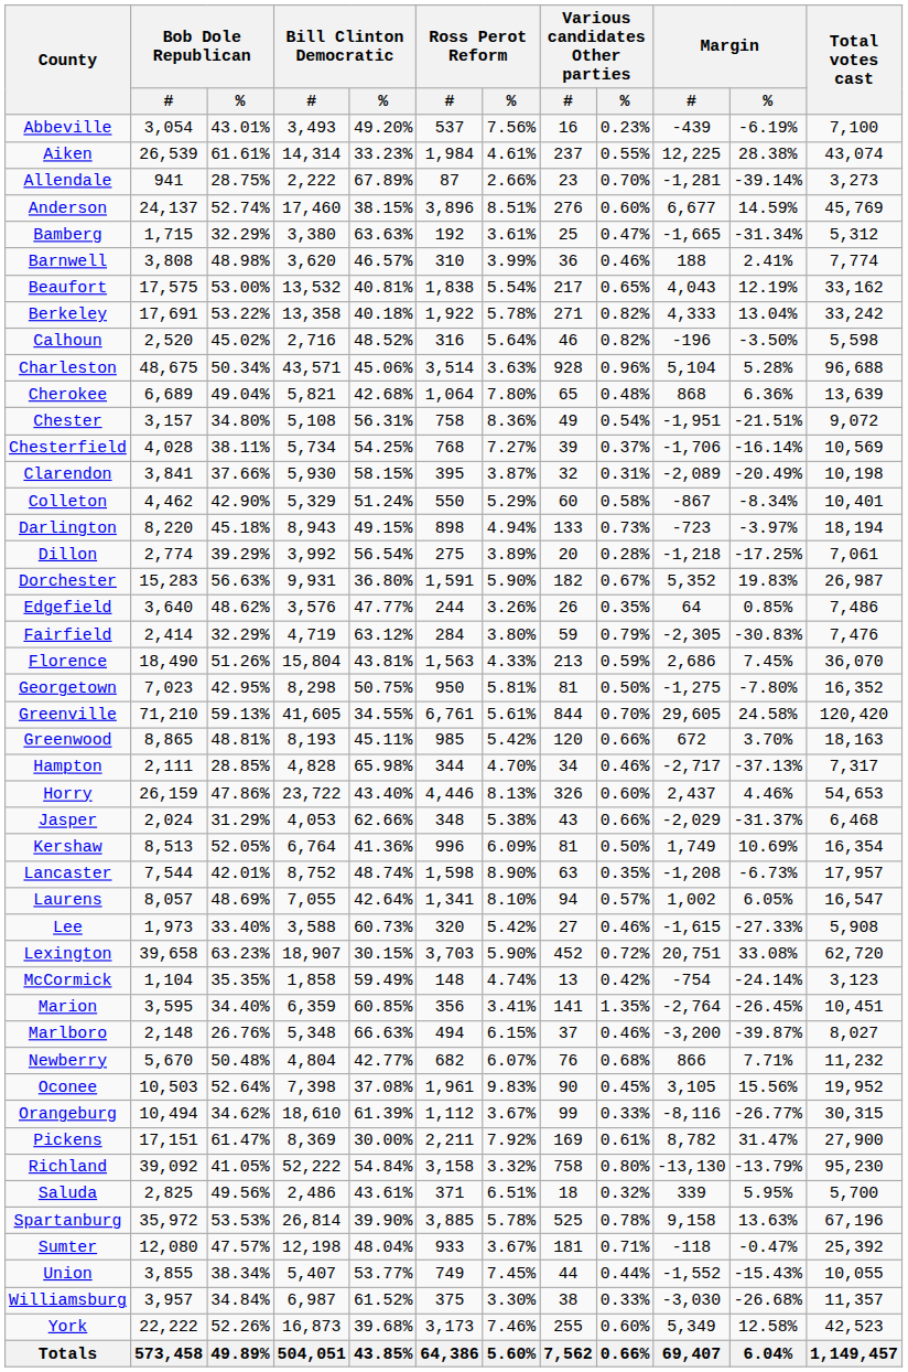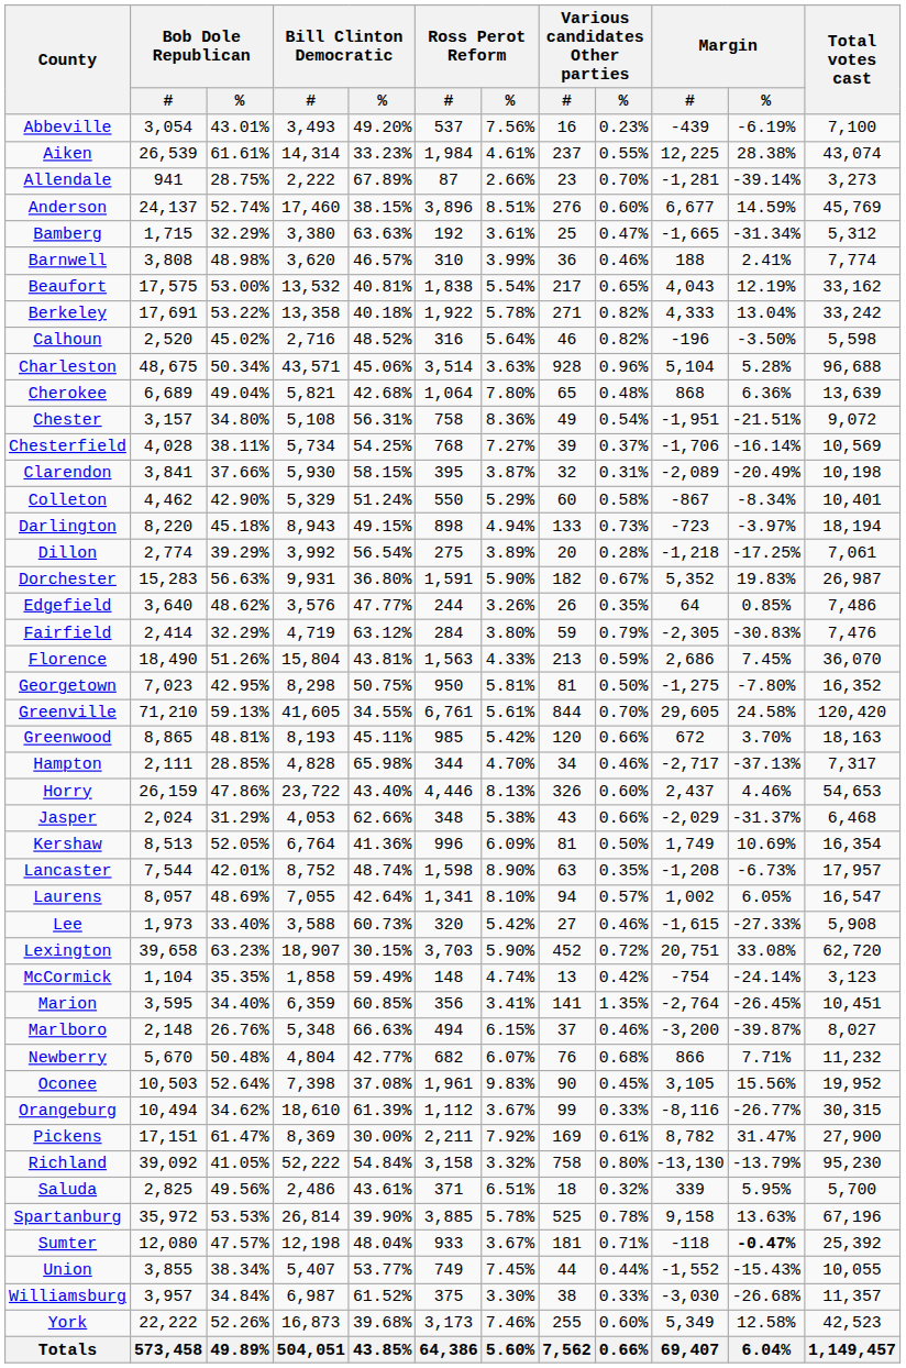 <table width="60%" class="wikitable sortable">
 <tr>
 <th rowspan="2">County</th>
 <th colspan="2">Bob Dole<br>Republican</th>
 <th colspan="2">Bill Clinton<br>Democratic</th>
 <th colspan="2">Ross Perot<br>Reform</th>
 <th colspan="2">Various candidates<br>Other parties</th>
 <th colspan="2">Margin</th>
 <th rowspan="2">Total votes cast</th>
 </tr>
 <tr>
 <th style="text-align:center;" data-sort-type="number">#</th>
 <th style="text-align:center;" data-sort-type="number">%</th>
 <th style="text-align:center;" data-sort-type="number">#</th>
 <th style="text-align:center;" data-sort-type="number">%</th>
 <th style="text-align:center;" data-sort-type="number">#</th>
 <th style="text-align:center;" data-sort-type="number">%</th>
 <th style="text-align:center;" data-sort-type="number">#</th>
 <th style="text-align:center;" data-sort-type="number">%</th>
 <th style="text-align:center;" data-sort-type="number">#</th>
 <th style="text-align:center;" data-sort-type="number">%</th>
 </tr>
 <tr style="text-align:center;">
 <td><a href='#'>Abbeville</a></td>
 <td>3,054</td>
 <td>43.01%</td>
 <td>3,493</td>
 <td>49.20%</td>
 <td>537</td>
 <td>7.56%</td>
 <td>16</td>
 <td>0.23%</td>
 <td>-439</td>
 <td>-6.19%</td>
 <td>7,100</td>
 </tr>
 <tr style="text-align:center;">
 <td><a href='#'>Aiken</a></td>
 <td>26,539</td>
 <td>61.61%</td>
 <td>14,314</td>
 <td>33.23%</td>
 <td>1,984</td>
 <td>4.61%</td>
 <td>237</td>
 <td>0.55%</td>
 <td>12,225</td>
 <td>28.38%</td>
 <td>43,074</td>
 </tr>
 <tr style="text-align:center;">
 <td><a href='#'>Allendale</a></td>
 <td>941</td>
 <td>28.75%</td>
 <td>2,222</td>
 <td>67.89%</td>
 <td>87</td>
 <td>2.66%</td>
 <td>23</td>
 <td>0.70%</td>
 <td>-1,281</td>
 <td>-39.14%</td>
 <td>3,273</td>
 </tr>
 <tr style="text-align:center;">
 <td><a href='#'>Anderson</a></td>
 <td>24,137</td>
 <td>52.74%</td>
 <td>17,460</td>
 <td>38.15%</td>
 <td>3,896</td>
 <td>8.51%</td>
 <td>276</td>
 <td>0.60%</td>
 <td>6,677</td>
 <td>14.59%</td>
 <td>45,769</td>
 </tr>
 <tr style="text-align:center;">
 <td><a href='#'>Bamberg</a></td>
 <td>1,715</td>
 <td>32.29%</td>
 <td>3,380</td>
 <td>63.63%</td>
 <td>192</td>
 <td>3.61%</td>
 <td>25</td>
 <td>0.47%</td>
 <td>-1,665</td>
 <td>-31.34%</td>
 <td>5,312</td>
 </tr>
 <tr style="text-align:center;">
 <td><a href='#'>Barnwell</a></td>
 <td>3,808</td>
 <td>48.98%</td>
 <td>3,620</td>
 <td>46.57%</td>
 <td>310</td>
 <td>3.99%</td>
 <td>36</td>
 <td>0.46%</td>
 <td>188</td>
 <td>2.41%</td>
 <td>7,774</td>
 </tr>
 <tr style="text-align:center;">
 <td><a href='#'>Beaufort</a></td>
 <td>17,575</td>
 <td>53.00%</td>
 <td>13,532</td>
 <td>40.81%</td>
 <td>1,838</td>
 <td>5.54%</td>
 <td>217</td>
 <td>0.65%</td>
 <td>4,043</td>
 <td>12.19%</td>
 <td>33,162</td>
 </tr>
 <tr style="text-align:center;">
 <td><a href='#'>Berkeley</a></td>
 <td>17,691</td>
 <td>53.22%</td>
 <td>13,358</td>
 <td>40.18%</td>
 <td>1,922</td>
 <td>5.78%</td>
 <td>271</td>
 <td>0.82%</td>
 <td>4,333</td>
 <td>13.04%</td>
 <td>33,242</td>
 </tr>
 <tr style="text-align:center;">
 <td><a href='#'>Calhoun</a></td>
 <td>2,520</td>
 <td>45.02%</td>
 <td>2,716</td>
 <td>48.52%</td>
 <td>316</td>
 <td>5.64%</td>
 <td>46</td>
 <td>0.82%</td>
 <td>-196</td>
 <td>-3.50%</td>
 <td>5,598</td>
 </tr>
 <tr style="text-align:center;">
 <td><a href='#'>Charleston</a></td>
 <td>48,675</td>
 <td>50.34%</td>
 <td>43,571</td>
 <td>45.06%</td>
 <td>3,514</td>
 <td>3.63%</td>
 <td>928</td>
 <td>0.96%</td>
 <td>5,104</td>
 <td>5.28%</td>
 <td>96,688</td>
 </tr>
 <tr style="text-align:center;">
 <td><a href='#'>Cherokee</a></td>
 <td>6,689</td>
 <td>49.04%</td>
 <td>5,821</td>
 <td>42.68%</td>
 <td>1,064</td>
 <td>7.80%</td>
 <td>65</td>
 <td>0.48%</td>
 <td>868</td>
 <td>6.36%</td>
 <td>13,639</td>
 </tr>
 <tr style="text-align:center;">
 <td><a href='#'>Chester</a></td>
 <td>3,157</td>
 <td>34.80%</td>
 <td>5,108</td>
 <td>56.31%</td>
 <td>758</td>
 <td>8.36%</td>
 <td>49</td>
 <td>0.54%</td>
 <td>-1,951</td>
 <td>-21.51%</td>
 <td>9,072</td>
 </tr>
 <tr style="text-align:center;">
 <td><a href='#'>Chesterfield</a></td>
 <td>4,028</td>
 <td>38.11%</td>
 <td>5,734</td>
 <td>54.25%</td>
 <td>768</td>
 <td>7.27%</td>
 <td>39</td>
 <td>0.37%</td>
 <td>-1,706</td>
 <td>-16.14%</td>
 <td>10,569</td>
 </tr>
 <tr style="text-align:center;">
 <td><a href='#'>Clarendon</a></td>
 <td>3,841</td>
 <td>37.66%</td>
 <td>5,930</td>
 <td>58.15%</td>
 <td>395</td>
 <td>3.87%</td>
 <td>32</td>
 <td>0.31%</td>
 <td>-2,089</td>
 <td>-20.49%</td>
 <td>10,198</td>
 </tr>
 <tr style="text-align:center;">
 <td><a href='#'>Colleton</a></td>
 <td>4,462</td>
 <td>42.90%</td>
 <td>5,329</td>
 <td>51.24%</td>
 <td>550</td>
 <td>5.29%</td>
 <td>60</td>
 <td>0.58%</td>
 <td>-867</td>
 <td>-8.34%</td>
 <td>10,401</td>
 </tr>
 <tr style="text-align:center;">
 <td><a href='#'>Darlington</a></td>
 <td>8,220</td>
 <td>45.18%</td>
 <td>8,943</td>
 <td>49.15%</td>
 <td>898</td>
 <td>4.94%</td>
 <td>133</td>
 <td>0.73%</td>
 <td>-723</td>
 <td>-3.97%</td>
 <td>18,194</td>
 </tr>
 <tr style="text-align:center;">
 <td><a href='#'>Dillon</a></td>
 <td>2,774</td>
 <td>39.29%</td>
 <td>3,992</td>
 <td>56.54%</td>
 <td>275</td>
 <td>3.89%</td>
 <td>20</td>
 <td>0.28%</td>
 <td>-1,218</td>
 <td>-17.25%</td>
 <td>7,061</td>
 </tr>
 <tr style="text-align:center;">
 <td><a href='#'>Dorchester</a></td>
 <td>15,283</td>
 <td>56.63%</td>
 <td>9,931</td>
 <td>36.80%</td>
 <td>1,591</td>
 <td>5.90%</td>
 <td>182</td>
 <td>0.67%</td>
 <td>5,352</td>
 <td>19.83%</td>
 <td>26,987</td>
 </tr>
 <tr style="text-align:center;">
 <td><a href='#'>Edgefield</a></td>
 <td>3,640</td>
 <td>48.62%</td>
 <td>3,576</td>
 <td>47.77%</td>
 <td>244</td>
 <td>3.26%</td>
 <td>26</td>
 <td>0.35%</td>
 <td>64</td>
 <td>0.85%</td>
 <td>7,486</td>
 </tr>
 <tr style="text-align:center;">
 <td><a href='#'>Fairfield</a></td>
 <td>2,414</td>
 <td>32.29%</td>
 <td>4,719</td>
 <td>63.12%</td>
 <td>284</td>
 <td>3.80%</td>
 <td>59</td>
 <td>0.79%</td>
 <td>-2,305</td>
 <td>-30.83%</td>
 <td>7,476</td>
 </tr>
 <tr style="text-align:center;">
 <td><a href='#'>Florence</a></td>
 <td>18,490</td>
 <td>51.26%</td>
 <td>15,804</td>
 <td>43.81%</td>
 <td>1,563</td>
 <td>4.33%</td>
 <td>213</td>
 <td>0.59%</td>
 <td>2,686</td>
 <td>7.45%</td>
 <td>36,070</td>
 </tr>
 <tr style="text-align:center;">
 <td><a href='#'>Georgetown</a></td>
 <td>7,023</td>
 <td>42.95%</td>
 <td>8,298</td>
 <td>50.75%</td>
 <td>950</td>
 <td>5.81%</td>
 <td>81</td>
 <td>0.50%</td>
 <td>-1,275</td>
 <td>-7.80%</td>
 <td>16,352</td>
 </tr>
 <tr style="text-align:center;">
 <td><a href='#'>Greenville</a></td>
 <td>71,210</td>
 <td>59.13%</td>
 <td>41,605</td>
 <td>34.55%</td>
 <td>6,761</td>
 <td>5.61%</td>
 <td>844</td>
 <td>0.70%</td>
 <td>29,605</td>
 <td>24.58%</td>
 <td>120,420</td>
 </tr>
 <tr style="text-align:center;">
 <td><a href='#'>Greenwood</a></td>
 <td>8,865</td>
 <td>48.81%</td>
 <td>8,193</td>
 <td>45.11%</td>
 <td>985</td>
 <td>5.42%</td>
 <td>120</td>
 <td>0.66%</td>
 <td>672</td>
 <td>3.70%</td>
 <td>18,163</td>
 </tr>
 <tr style="text-align:center;">
 <td><a href='#'>Hampton</a></td>
 <td>2,111</td>
 <td>28.85%</td>
 <td>4,828</td>
 <td>65.98%</td>
 <td>344</td>
 <td>4.70%</td>
 <td>34</td>
 <td>0.46%</td>
 <td>-2,717</td>
 <td>-37.13%</td>
 <td>7,317</td>
 </tr>
 <tr style="text-align:center;">
 <td><a href='#'>Horry</a></td>
 <td>26,159</td>
 <td>47.86%</td>
 <td>23,722</td>
 <td>43.40%</td>
 <td>4,446</td>
 <td>8.13%</td>
 <td>326</td>
 <td>0.60%</td>
 <td>2,437</td>
 <td>4.46%</td>
 <td>54,653</td>
 </tr>
 <tr style="text-align:center;">
 <td><a href='#'>Jasper</a></td>
 <td>2,024</td>
 <td>31.29%</td>
 <td>4,053</td>
 <td>62.66%</td>
 <td>348</td>
 <td>5.38%</td>
 <td>43</td>
 <td>0.66%</td>
 <td>-2,029</td>
 <td>-31.37%</td>
 <td>6,468</td>
 </tr>
 <tr style="text-align:center;">
 <td><a href='#'>Kershaw</a></td>
 <td>8,513</td>
 <td>52.05%</td>
 <td>6,764</td>
 <td>41.36%</td>
 <td>996</td>
 <td>6.09%</td>
 <td>81</td>
 <td>0.50%</td>
 <td>1,749</td>
 <td>10.69%</td>
 <td>16,354</td>
 </tr>
 <tr style="text-align:center;">
 <td><a href='#'>Lancaster</a></td>
 <td>7,544</td>
 <td>42.01%</td>
 <td>8,752</td>
 <td>48.74%</td>
 <td>1,598</td>
 <td>8.90%</td>
 <td>63</td>
 <td>0.35%</td>
 <td>-1,208</td>
 <td>-6.73%</td>
 <td>17,957</td>
 </tr>
 <tr style="text-align:center;">
 <td><a href='#'>Laurens</a></td>
 <td>8,057</td>
 <td>48.69%</td>
 <td>7,055</td>
 <td>42.64%</td>
 <td>1,341</td>
 <td>8.10%</td>
 <td>94</td>
 <td>0.57%</td>
 <td>1,002</td>
 <td>6.05%</td>
 <td>16,547</td>
 </tr>
 <tr style="text-align:center;">
 <td><a href='#'>Lee</a></td>
 <td>1,973</td>
 <td>33.40%</td>
 <td>3,588</td>
 <td>60.73%</td>
 <td>320</td>
 <td>5.42%</td>
 <td>27</td>
 <td>0.46%</td>
 <td>-1,615</td>
 <td>-27.33%</td>
 <td>5,908</td>
 </tr>
 <tr style="text-align:center;">
 <td><a href='#'>Lexington</a></td>
 <td>39,658</td>
 <td>63.23%</td>
 <td>18,907</td>
 <td>30.15%</td>
 <td>3,703</td>
 <td>5.90%</td>
 <td>452</td>
 <td>0.72%</td>
 <td>20,751</td>
 <td>33.08%</td>
 <td>62,720</td>
 </tr>
 <tr style="text-align:center;">
 <td><a href='#'>McCormick</a></td>
 <td>1,104</td>
 <td>35.35%</td>
 <td>1,858</td>
 <td>59.49%</td>
 <td>148</td>
 <td>4.74%</td>
 <td>13</td>
 <td>0.42%</td>
 <td>-754</td>
 <td>-24.14%</td>
 <td>3,123</td>
 </tr>
 <tr style="text-align:center;">
 <td><a href='#'>Marion</a></td>
 <td>3,595</td>
 <td>34.40%</td>
 <td>6,359</td>
 <td>60.85%</td>
 <td>356</td>
 <td>3.41%</td>
 <td>141</td>
 <td>1.35%</td>
 <td>-2,764</td>
 <td>-26.45%</td>
 <td>10,451</td>
 </tr>
 <tr style="text-align:center;">
 <td><a href='#'>Marlboro</a></td>
 <td>2,148</td>
 <td>26.76%</td>
 <td>5,348</td>
 <td>66.63%</td>
 <td>494</td>
 <td>6.15%</td>
 <td>37</td>
 <td>0.46%</td>
 <td>-3,200</td>
 <td>-39.87%</td>
 <td>8,027</td>
 </tr>
 <tr style="text-align:center;">
 <td><a href='#'>Newberry</a></td>
 <td>5,670</td>
 <td>50.48%</td>
 <td>4,804</td>
 <td>42.77%</td>
 <td>682</td>
 <td>6.07%</td>
 <td>76</td>
 <td>0.68%</td>
 <td>866</td>
 <td>7.71%</td>
 <td>11,232</td>
 </tr>
 <tr style="text-align:center;">
 <td><a href='#'>Oconee</a></td>
 <td>10,503</td>
 <td>52.64%</td>
 <td>7,398</td>
 <td>37.08%</td>
 <td>1,961</td>
 <td>9.83%</td>
 <td>90</td>
 <td>0.45%</td>
 <td>3,105</td>
 <td>15.56%</td>
 <td>19,952</td>
 </tr>
 <tr style="text-align:center;">
 <td><a href='#'>Orangeburg</a></td>
 <td>10,494</td>
 <td>34.62%</td>
 <td>18,610</td>
 <td>61.39%</td>
 <td>1,112</td>
 <td>3.67%</td>
 <td>99</td>
 <td>0.33%</td>
 <td>-8,116</td>
 <td>-26.77%</td>
 <td>30,315</td>
 </tr>
 <tr style="text-align:center;">
 <td><a href='#'>Pickens</a></td>
 <td>17,151</td>
 <td>61.47%</td>
 <td>8,369</td>
 <td>30.00%</td>
 <td>2,211</td>
 <td>7.92%</td>
 <td>169</td>
 <td>0.61%</td>
 <td>8,782</td>
 <td>31.47%</td>
 <td>27,900</td>
 </tr>
 <tr style="text-align:center;">
 <td><a href='#'>Richland</a></td>
 <td>39,092</td>
 <td>41.05%</td>
 <td>52,222</td>
 <td>54.84%</td>
 <td>3,158</td>
 <td>3.32%</td>
 <td>758</td>
 <td>0.80%</td>
 <td>-13,130</td>
 <td>-13.79%</td>
 <td>95,230</td>
 </tr>
 <tr style="text-align:center;">
 <td><a href='#'>Saluda</a></td>
 <td>2,825</td>
 <td>49.56%</td>
 <td>2,486</td>
 <td>43.61%</td>
 <td>371</td>
 <td>6.51%</td>
 <td>18</td>
 <td>0.32%</td>
 <td>339</td>
 <td>5.95%</td>
 <td>5,700</td>
 </tr>
 <tr style="text-align:center;">
 <td><a href='#'>Spartanburg</a></td>
 <td>35,972</td>
 <td>53.53%</td>
 <td>26,814</td>
 <td>39.90%</td>
 <td>3,885</td>
 <td>5.78%</td>
 <td>525</td>
 <td>0.78%</td>
 <td>9,158</td>
 <td>13.63%</td>
 <td>67,196</td>
 </tr>
 <tr style="text-align:center;">
 <td><a href='#'>Sumter</a></td>
 <td>12,080</td>
 <td>47.57%</td>
 <td>12,198</td>
 <td>48.04%</td>
 <td>933</td>
 <td>3.67%</td>
 <td>181</td>
 <td>0.71%</td>
 <td>-118</td>
-<td>-0.47%</td>
+<td><strong>-0.47%</strong></td>
 <td>25,392</td>
 </tr>
 <tr style="text-align:center;">
 <td><a href='#'>Union</a></td>
 <td>3,855</td>
 <td>38.34%</td>
 <td>5,407</td>
 <td>53.77%</td>
 <td>749</td>
 <td>7.45%</td>
 <td>44</td>
 <td>0.44%</td>
 <td>-1,552</td>
 <td>-15.43%</td>
 <td>10,055</td>
 </tr>
 <tr style="text-align:center;">
 <td><a href='#'>Williamsburg</a></td>
 <td>3,957</td>
 <td>34.84%</td>
 <td>6,987</td>
 <td>61.52%</td>
 <td>375</td>
 <td>3.30%</td>
 <td>38</td>
 <td>0.33%</td>
 <td>-3,030</td>
 <td>-26.68%</td>
 <td>11,357</td>
 </tr>
 <tr style="text-align:center;">
 <td><a href='#'>York</a></td>
 <td>22,222</td>
 <td>52.26%</td>
 <td>16,873</td>
 <td>39.68%</td>
 <td>3,173</td>
 <td>7.46%</td>
 <td>255</td>
 <td>0.60%</td>
 <td>5,349</td>
 <td>12.58%</td>
 <td>42,523</td>
 </tr>
 <tr style="text-align:center;">
 <th>Totals</th>
 <th>573,458</th>
 <th>49.89%</th>
 <th>504,051</th>
 <th>43.85%</th>
 <th>64,386</th>
 <th>5.60%</th>
 <th>7,562</th>
 <th>0.66%</th>
 <th>69,407</th>
 <th>6.04%</th>
 <th>1,149,457</th>
 </tr>
 </table>
